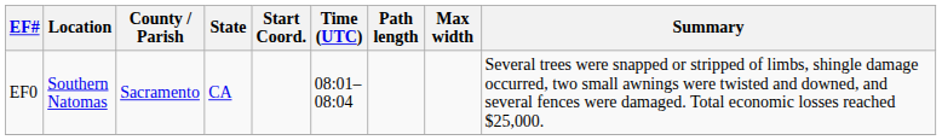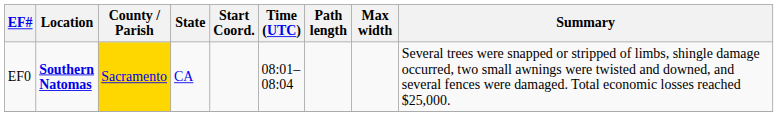 <table class="wikitable sortable" style="width:100%;">
 <tr>
 <th scope="col" style="width:3%; text-align:center;"><a href='#'>EF#</a></th>
 <th scope="col" style="width:7%; text-align:center;" class="unsortable">Location</th>
 <th scope="col" style="width:6%; text-align:center;" class="unsortable">County / Parish</th>
 <th scope="col" style="width:5%; text-align:center;">State</th>
 <th scope="col" style="width:6%; text-align:center;">Start Coord.</th>
 <th scope="col" style="width:6%; text-align:center;">Time (<a href='#'>UTC</a>)</th>
 <th scope="col" style="width:6%; text-align:center;">Path length</th>
 <th scope="col" style="width:6%; text-align:center;">Max width</th>
 <th scope="col" class="unsortable" style="width:48%; text-align:center;">Summary</th>
 </tr>
 <tr>
 <td>EF0</td>
-<td><a href='#'>Southern Natomas</a></td>
-<td><a href='#'>Sacramento</a></td>
+<td><strong><a href='#'>Southern Natomas</a></strong></td>
+<td style="background: gold;"><a href='#'>Sacramento</a></td>
 <td><a href='#'>CA</a></td>
 <td></td>
 <td>08:01–08:04</td>
 <td></td>
 <td></td>
 <td>Several trees were snapped or stripped of limbs, shingle damage occurred, two small awnings were twisted and downed, and several fences were damaged. Total economic losses reached $25,000.</td>
 </tr>
 <tr>
 </tr>
 </table>
